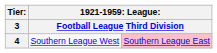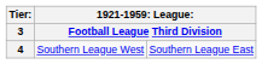 <table class="wikitable" style="text-align: center; font-size: 80%; float: right; ">
 <tr>
 <th>Tier:</th>
 <th colspan="2">1921-1959: League:</th>
 </tr>
 <tr>
 <th>3</th>
 <th colspan="2"><strong><a href='#'>Football League</a> <a href='#'>Third Division</a></strong></th>
 </tr>
 <tr>
 <th>4</th>
 <td><a href='#'>Southern League West</a></td>
-<td style="background: pink;"><a href='#'>Southern League East</a><br></td>
+<td><a href='#'>Southern League East</a><br></td>
 </tr>
 </table>
